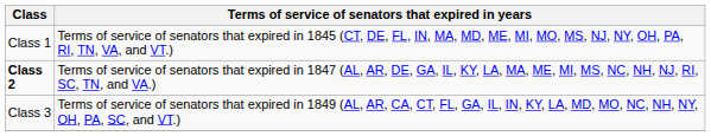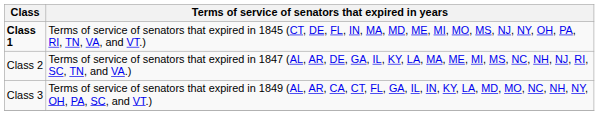 <table class="wikitable sortable">
 <tr valign=bottom>
 <th>Class</th>
 <th>Terms of service of senators that expired in years</th>
 </tr>
 <tr>
-<td>Class 1</td>
+<td><strong>Class 1</strong></td>
 <td>Terms of service of senators that expired in 1845 (<a href='#'>CT</a>, <a href='#'>DE</a>, <a href='#'>FL</a>, <a href='#'>IN</a>, <a href='#'>MA</a>, <a href='#'>MD</a>, <a href='#'>ME</a>,  <a href='#'>MI</a>, <a href='#'>MO</a>, <a href='#'>MS</a>, <a href='#'>NJ</a>, <a href='#'>NY</a>, <a href='#'>OH</a>, <a href='#'>PA</a>, <a href='#'>RI</a>, <a href='#'>TN</a>, <a href='#'>VA</a>, and <a href='#'>VT</a>.)</td>
 </tr>
 <tr>
-<td><strong>Class 2</strong></td>
+<td>Class 2</td>
 <td>Terms of service of senators that expired in 1847 (<a href='#'>AL</a>, <a href='#'>AR</a>, <a href='#'>DE</a>, <a href='#'>GA</a>, <a href='#'>IL</a>, <a href='#'>KY</a>, <a href='#'>LA</a>, <a href='#'>MA</a>, <a href='#'>ME</a>, <a href='#'>MI</a>, <a href='#'>MS</a>, <a href='#'>NC</a>, <a href='#'>NH</a>, <a href='#'>NJ</a>, <a href='#'>RI</a>, <a href='#'>SC</a>, <a href='#'>TN</a>, and <a href='#'>VA</a>.)</td>
 </tr>
 <tr>
 <td>Class 3</td>
 <td>Terms of service of senators that expired in 1849 (<a href='#'>AL</a>, <a href='#'>AR</a>, <a href='#'>CA</a>, <a href='#'>CT</a>, <a href='#'>FL</a>, <a href='#'>GA</a>, <a href='#'>IL</a>, <a href='#'>IN</a>, <a href='#'>KY</a>, <a href='#'>LA</a>, <a href='#'>MD</a>, <a href='#'>MO</a>, <a href='#'>NC</a>, <a href='#'>NH</a>, <a href='#'>NY</a>, <a href='#'>OH</a>, <a href='#'>PA</a>, <a href='#'>SC</a>, and <a href='#'>VT</a>.)</td>
 </tr>
 <tr>
 </tr>
 </table>
